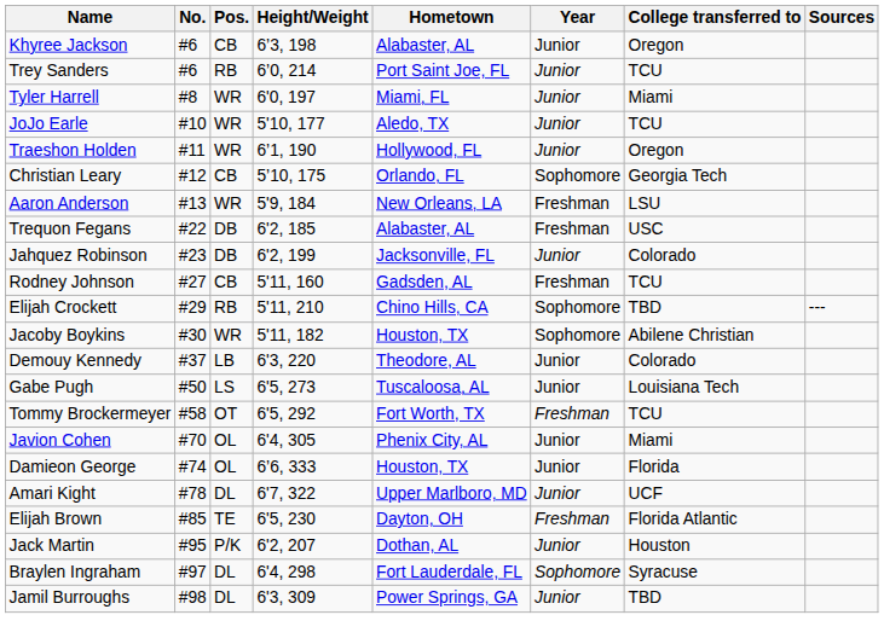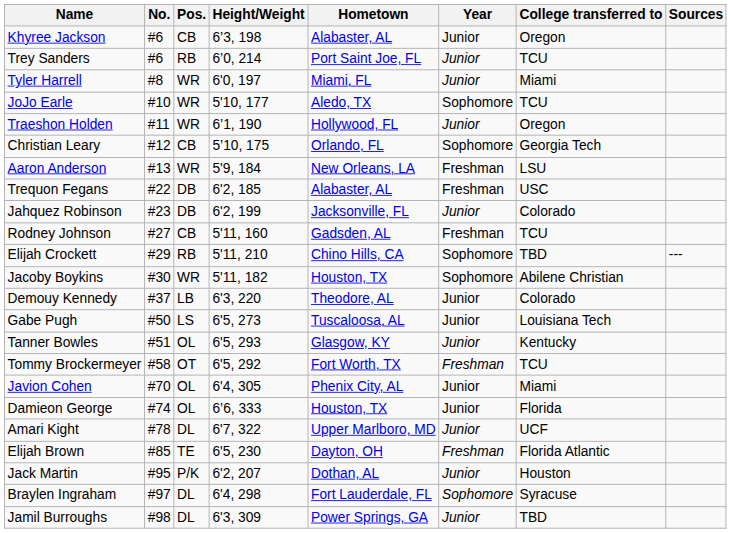 <table class="wikitable sortable">
 <tr>
 <th style="text-align:center; ">Name</th>
 <th style="text-align:center; ">No.</th>
 <th style="text-align:center; ">Pos.</th>
 <th style="text-align:center; ">Height/Weight</th>
 <th style="text-align:center; ">Hometown</th>
 <th style="text-align:center; ">Year</th>
 <th style="text-align:center; ">College transferred to</th>
 <th style="text-align:center; ">Sources</th>
 </tr>
 <tr>
 <td><a href='#'>Khyree Jackson</a></td>
 <td>#6</td>
 <td>CB</td>
 <td>6’3, 198</td>
 <td><a href='#'>Alabaster, AL</a></td>
 <td>Junior</td>
 <td>Oregon</td>
 <td><br></td>
 </tr>
 <tr>
 <td>Trey Sanders</td>
 <td>#6</td>
 <td>RB</td>
 <td>6’0, 214</td>
 <td><a href='#'>Port Saint Joe, FL</a></td>
 <td><em> Junior</em></td>
 <td>TCU</td>
 <td><br></td>
 </tr>
 <tr>
 <td><a href='#'>Tyler Harrell</a></td>
 <td>#8</td>
 <td>WR</td>
 <td>6'0, 197</td>
 <td><a href='#'>Miami, FL</a></td>
 <td><em> Junior</em></td>
 <td>Miami</td>
 <td><br></td>
 </tr>
 <tr>
 <td><a href='#'>JoJo Earle</a></td>
 <td>#10</td>
 <td>WR</td>
 <td>5'10, 177</td>
 <td><a href='#'>Aledo, TX</a></td>
-<td><em> Junior</em></td>
+<td>Sophomore</td>
 <td>TCU</td>
 <td><br></td>
 </tr>
 <tr>
 <td><a href='#'>Traeshon Holden</a></td>
 <td>#11</td>
 <td>WR</td>
 <td>6’1, 190</td>
 <td><a href='#'>Hollywood, FL</a></td>
 <td><em> Junior</em></td>
 <td>Oregon</td>
 <td><br></td>
 </tr>
 <tr>
 <td>Christian Leary</td>
 <td>#12</td>
 <td>CB</td>
 <td>5’10, 175</td>
 <td><a href='#'>Orlando, FL</a></td>
 <td>Sophomore</td>
 <td>Georgia Tech</td>
 <td></td>
 </tr>
 <tr>
 <td><a href='#'>Aaron Anderson</a></td>
 <td>#13</td>
 <td>WR</td>
 <td>5'9, 184</td>
 <td><a href='#'>New Orleans, LA</a></td>
 <td>Freshman</td>
 <td>LSU</td>
 <td><br></td>
 </tr>
 <tr>
 <td>Trequon Fegans</td>
 <td>#22</td>
 <td>DB</td>
 <td>6'2, 185</td>
 <td><a href='#'>Alabaster, AL</a></td>
 <td> Freshman</td>
 <td>USC</td>
 <td><br></td>
 </tr>
 <tr>
 <td>Jahquez Robinson</td>
 <td>#23</td>
 <td>DB</td>
 <td>6'2, 199</td>
 <td><a href='#'>Jacksonville, FL</a></td>
 <td><em> Junior</em></td>
 <td>Colorado</td>
 <td><br></td>
 </tr>
 <tr>
 <td>Rodney Johnson</td>
 <td>#27</td>
 <td>CB</td>
 <td>5'11, 160</td>
 <td><a href='#'>Gadsden, AL</a></td>
 <td>Freshman</td>
 <td>TCU</td>
 <td></td>
 </tr>
 <tr>
 <td>Elijah Crockett</td>
 <td>#29</td>
 <td>RB</td>
 <td>5'11, 210</td>
 <td><a href='#'>Chino Hills, CA</a></td>
 <td>Sophomore</td>
 <td>TBD</td>
 <td>---</td>
 </tr>
 <tr>
 <td>Jacoby Boykins</td>
 <td>#30</td>
 <td>WR</td>
 <td>5'11, 182</td>
 <td><a href='#'>Houston, TX</a></td>
 <td>Sophomore</td>
 <td>Abilene Christian</td>
 <td><br></td>
 </tr>
 <tr>
 <td>Demouy Kennedy</td>
 <td>#37</td>
 <td>LB</td>
 <td>6'3, 220</td>
 <td><a href='#'>Theodore, AL</a></td>
 <td>Junior</td>
 <td>Colorado</td>
 <td><br></td>
 </tr>
 <tr>
 <td>Gabe Pugh</td>
 <td>#50</td>
 <td>LS</td>
 <td>6'5, 273</td>
 <td><a href='#'>Tuscaloosa, AL</a></td>
 <td>Junior</td>
 <td>Louisiana Tech</td>
 <td></td>
 </tr>
 <tr>
+<td>Tanner Bowles</td>
+<td>#51</td>
+<td>OL</td>
+<td>6'5, 293</td>
+<td><a href='#'>Glasgow, KY</a></td>
+<td><em> Junior</em></td>
+<td>Kentucky</td>
+<td><br></td>
+</tr>
+<tr>
 <td>Tommy Brockermeyer</td>
 <td>#58</td>
 <td>OT</td>
 <td>6'5, 292</td>
 <td><a href='#'>Fort Worth, TX</a></td>
 <td><em> Freshman</em></td>
 <td>TCU</td>
 <td><br></td>
 </tr>
 <tr>
 <td><a href='#'>Javion Cohen</a></td>
 <td>#70</td>
 <td>OL</td>
 <td>6'4, 305</td>
 <td><a href='#'>Phenix City, AL</a></td>
 <td>Junior</td>
 <td>Miami</td>
 <td><br></td>
 </tr>
 <tr>
 <td>Damieon George</td>
 <td>#74</td>
 <td>OL</td>
 <td>6’6, 333</td>
 <td><a href='#'>Houston, TX</a></td>
 <td>Junior</td>
 <td>Florida</td>
 <td></td>
 </tr>
 <tr>
 <td>Amari Kight</td>
 <td>#78</td>
 <td>DL</td>
 <td>6'7, 322</td>
 <td><a href='#'>Upper Marlboro, MD</a></td>
 <td><em> Junior</em></td>
 <td>UCF</td>
 <td></td>
 </tr>
 <tr>
 <td>Elijah Brown</td>
 <td>#85</td>
 <td>TE</td>
 <td>6'5, 230</td>
 <td><a href='#'>Dayton, OH</a></td>
 <td><em>Freshman</em></td>
 <td>Florida Atlantic</td>
 <td><br></td>
 </tr>
 <tr>
 <td>Jack Martin</td>
 <td>#95</td>
 <td>P/K</td>
 <td>6'2, 207</td>
 <td><a href='#'>Dothan, AL</a></td>
 <td><em> Junior</em></td>
 <td>Houston</td>
 <td><br></td>
 </tr>
 <tr>
 <td>Braylen Ingraham</td>
 <td>#97</td>
 <td>DL</td>
 <td>6'4, 298</td>
 <td><a href='#'>Fort Lauderdale, FL</a></td>
 <td><em> Sophomore</em></td>
 <td>Syracuse</td>
 <td><br></td>
 </tr>
 <tr>
 <td>Jamil Burroughs</td>
 <td>#98</td>
 <td>DL</td>
 <td>6'3, 309</td>
 <td><a href='#'>Power Springs, GA</a></td>
 <td><em> Junior</em></td>
 <td>TBD</td>
 <td></td>
 </tr>
 </table>
